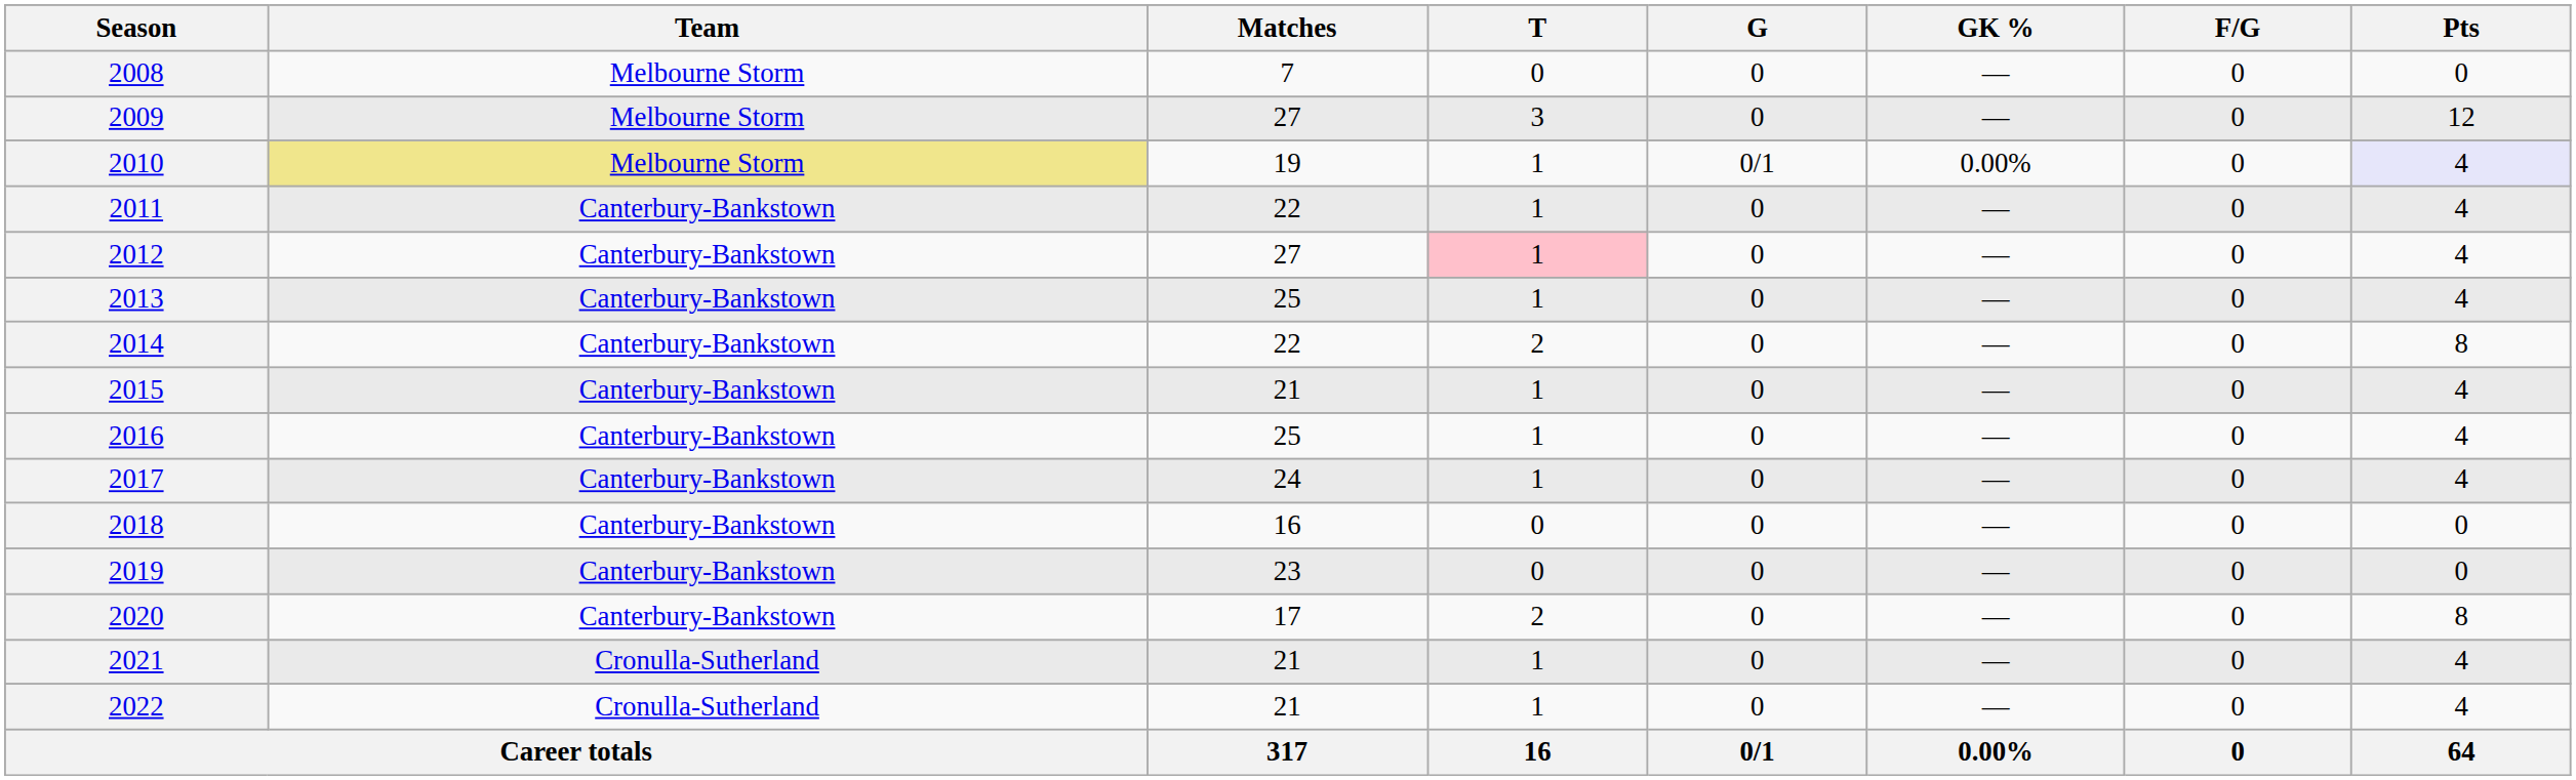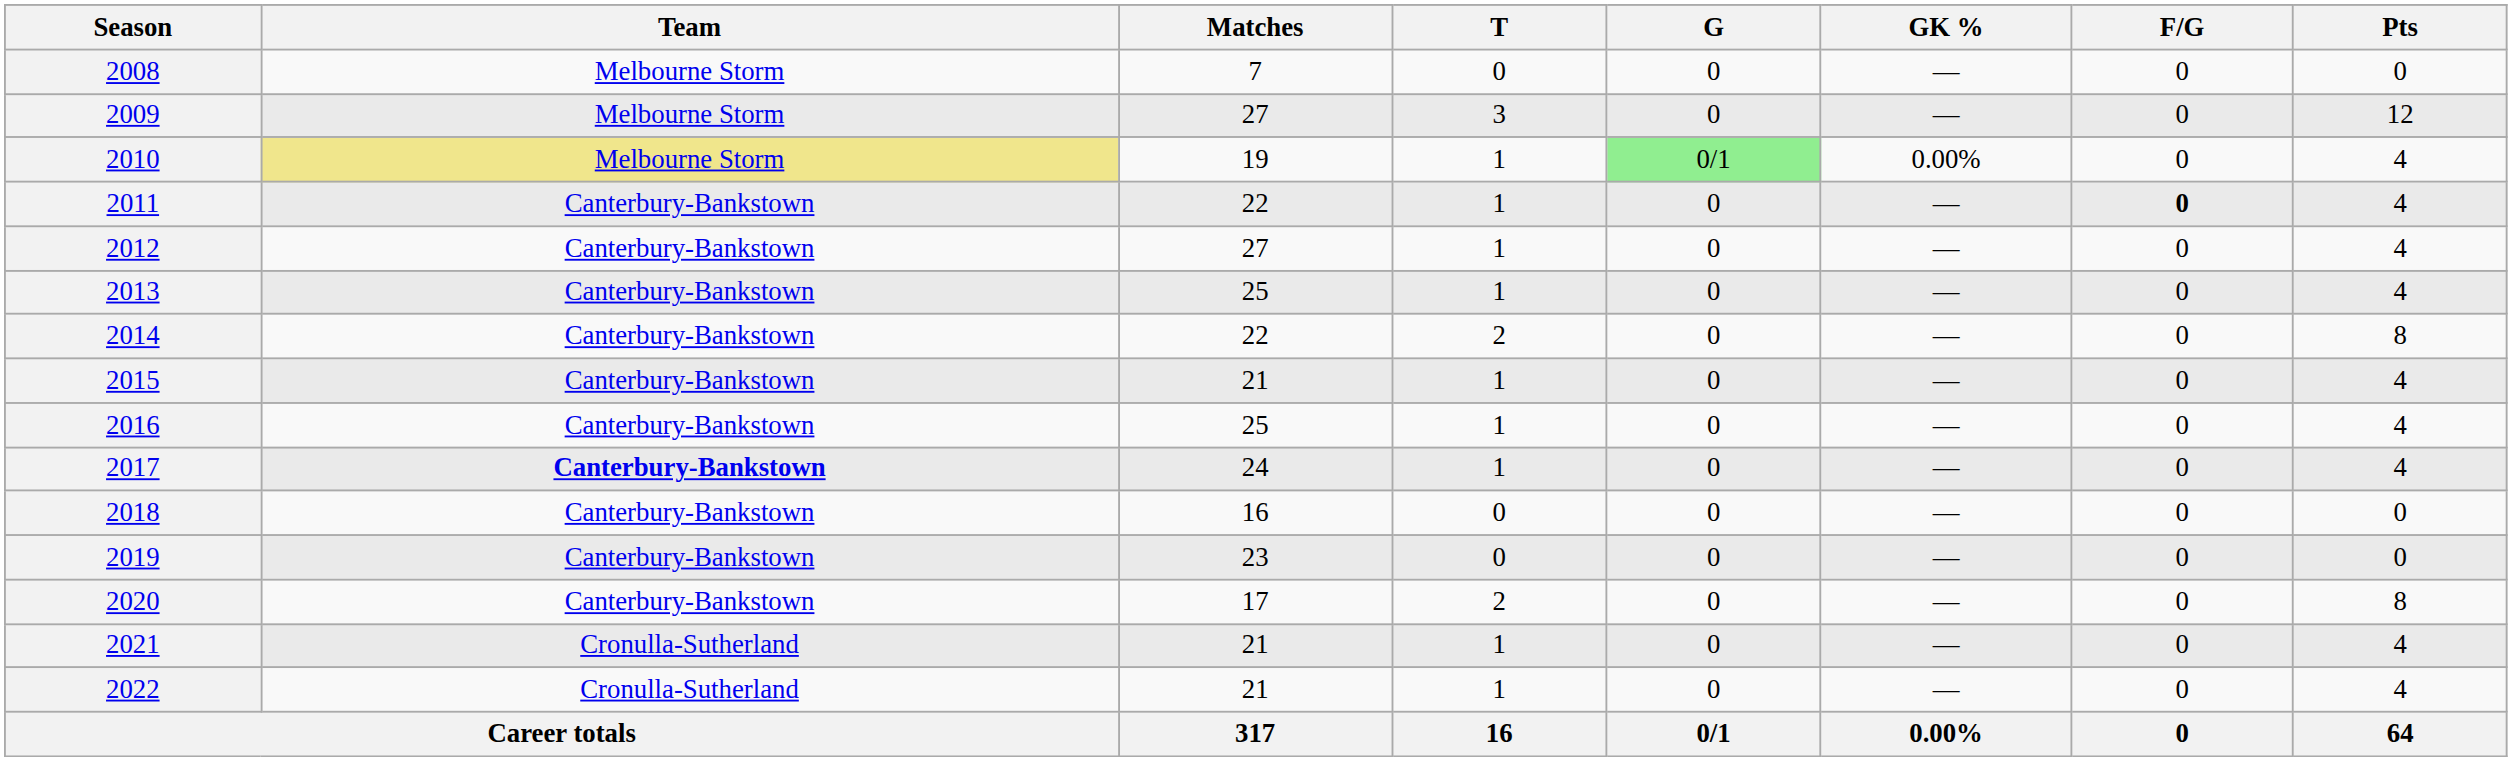 <table class="wikitable sortable"  style="font-size:90%; text-align:center; width:85%;">
 <tr>
 <th width=2%>Season</th>
 <th width=8%>Team</th>
 <th width=2%>Matches</th>
 <th width=2%>T</th>
 <th width=2%>G</th>
 <th width=2%>GK %</th>
 <th width=2%>F/G</th>
 <th width=2%>Pts</th>
 </tr>
 <tr>
 <th scope="row" style="text-align:center; font-weight:normal"><a href='#'>2008</a></th>
 <td style="text-align:center;"> <a href='#'>Melbourne Storm</a></td>
 <td>7</td>
 <td>0</td>
 <td>0</td>
 <td>—</td>
 <td>0</td>
 <td>0</td>
 </tr>
 <tr style="background:#eaeaea;">
 <th scope="row" style="text-align:center; font-weight:normal"><a href='#'>2009</a></th>
 <td style="text-align:center;"> <a href='#'>Melbourne Storm</a></td>
 <td>27</td>
 <td>3</td>
 <td>0</td>
 <td>—</td>
 <td>0</td>
 <td>12</td>
 </tr>
 <tr>
 <th scope="row" style="text-align:center; font-weight:normal"><a href='#'>2010</a></th>
 <td style="background: khaki; text-align:center;"> <a href='#'>Melbourne Storm</a></td>
 <td>19</td>
 <td>1</td>
-<td>0/1</td>
+<td style="background: lightgreen;">0/1</td>
 <td>0.00%</td>
 <td>0</td>
-<td style="background: lavender;">4</td>
+<td>4</td>
 </tr>
 <tr style="background:#eaeaea;">
 <th scope="row" style="text-align:center; font-weight:normal"><a href='#'>2011</a></th>
 <td style="text-align:center;"> <a href='#'>Canterbury-Bankstown</a></td>
 <td>22</td>
 <td>1</td>
 <td>0</td>
 <td>—</td>
-<td>0</td>
+<td><strong>0</strong></td>
 <td>4</td>
 </tr>
 <tr>
 <th scope="row" style="text-align:center; font-weight:normal"><a href='#'>2012</a></th>
 <td style="text-align:center;"> <a href='#'>Canterbury-Bankstown</a></td>
 <td>27</td>
-<td style="background: pink;">1</td>
+<td>1</td>
 <td>0</td>
 <td>—</td>
 <td>0</td>
 <td>4</td>
 </tr>
 <tr style="background:#eaeaea;">
 <th scope="row" style="text-align:center; font-weight:normal"><a href='#'>2013</a></th>
 <td style="text-align:center;"> <a href='#'>Canterbury-Bankstown</a></td>
 <td>25</td>
 <td>1</td>
 <td>0</td>
 <td>—</td>
 <td>0</td>
 <td>4</td>
 </tr>
 <tr>
 <th scope="row" style="text-align:center; font-weight:normal"><a href='#'>2014</a></th>
 <td style="text-align:center;"> <a href='#'>Canterbury-Bankstown</a></td>
 <td>22</td>
 <td>2</td>
 <td>0</td>
 <td>—</td>
 <td>0</td>
 <td>8</td>
 </tr>
 <tr style="background:#eaeaea;">
 <th scope="row" style="text-align:center; font-weight:normal"><a href='#'>2015</a></th>
 <td style="text-align:center;"> <a href='#'>Canterbury-Bankstown</a></td>
 <td>21</td>
 <td>1</td>
 <td>0</td>
 <td>—</td>
 <td>0</td>
 <td>4</td>
 </tr>
 <tr>
 <th scope="row" style="text-align:center; font-weight:normal"><a href='#'>2016</a></th>
 <td style="text-align:center;"> <a href='#'>Canterbury-Bankstown</a></td>
 <td>25</td>
 <td>1</td>
 <td>0</td>
 <td>—</td>
 <td>0</td>
 <td>4</td>
 </tr>
 <tr style="background:#eaeaea;">
 <th scope="row" style="text-align:center; font-weight:normal"><a href='#'>2017</a></th>
-<td style="text-align:center;"> <a href='#'>Canterbury-Bankstown</a></td>
+<td style="text-align:center;"><strong> <a href='#'>Canterbury-Bankstown</a></strong></td>
 <td>24</td>
 <td>1</td>
 <td>0</td>
 <td>—</td>
 <td>0</td>
 <td>4</td>
 </tr>
 <tr>
 <th scope="row" style="text-align:center; font-weight:normal"><a href='#'>2018</a></th>
 <td style="text-align:center;"> <a href='#'>Canterbury-Bankstown</a></td>
 <td>16</td>
 <td>0</td>
 <td>0</td>
 <td>—</td>
 <td>0</td>
 <td>0</td>
 </tr>
 <tr style="background:#eaeaea;">
 <th scope="row" style="text-align:center; font-weight:normal"><a href='#'>2019</a></th>
 <td style="text-align:center;"> <a href='#'>Canterbury-Bankstown</a></td>
 <td>23</td>
 <td>0</td>
 <td>0</td>
 <td>—</td>
 <td>0</td>
 <td>0</td>
 </tr>
 <tr>
 <th scope="row" style="text-align:center; font-weight:normal"><a href='#'>2020</a></th>
 <td style="text-align:center;"> <a href='#'>Canterbury-Bankstown</a></td>
 <td>17</td>
 <td>2</td>
 <td>0</td>
 <td>—</td>
 <td>0</td>
 <td>8</td>
 </tr>
 <tr style="background:#eaeaea;">
 <th scope="row" style="text-align:center; font-weight:normal"><a href='#'>2021</a></th>
 <td style="text-align:center;"> <a href='#'>Cronulla-Sutherland</a></td>
 <td>21</td>
 <td>1</td>
 <td>0</td>
 <td>—</td>
 <td>0</td>
 <td>4</td>
 </tr>
 <tr>
 <th scope="row" style="text-align:center; font-weight:normal"><a href='#'>2022</a></th>
 <td style="text-align:center;"> <a href='#'>Cronulla-Sutherland</a></td>
 <td>21</td>
 <td>1</td>
 <td>0</td>
 <td>—</td>
 <td>0</td>
 <td>4</td>
 </tr>
 <tr class="sortbottom">
 <th colspan=2>Career totals</th>
 <th>317</th>
 <th>16</th>
 <th>0/1</th>
 <th>0.00%</th>
 <th>0</th>
 <th>64</th>
 </tr>
 </table>
